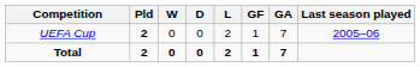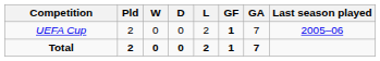 <table class="wikitable" style="text-align: center;">
 <tr>
 <th width="160">Competition</th>
 <th width="30">Pld</th>
 <th width="30">W</th>
 <th width="30">D</th>
 <th width="30">L</th>
 <th width="30">GF</th>
 <th width="30">GA</th>
 <th width="150">Last season played</th>
 </tr>
 <tr>
 <td><em><a href='#'>UEFA Cup</a></em></td>
-<td><strong>2</strong></td>
+<td>2</td>
 <td>0</td>
 <td>0</td>
 <td>2</td>
-<td>1</td>
+<td><strong>1</strong></td>
 <td>7</td>
 <td><a href='#'>2005–06</a></td>
 </tr>
 <tr>
 <td><strong>Total</strong></td>
 <td><strong>2</strong></td>
 <td><strong>0</strong></td>
 <td><strong>0</strong></td>
 <td><strong>2</strong></td>
 <td><strong>1</strong></td>
 <td><strong>7</strong></td>
 </tr>
 </table>
